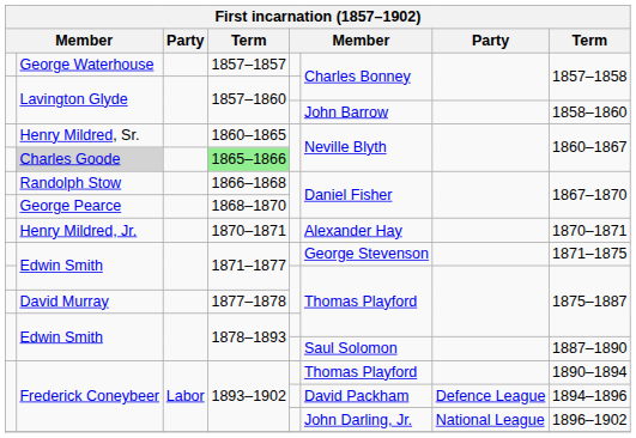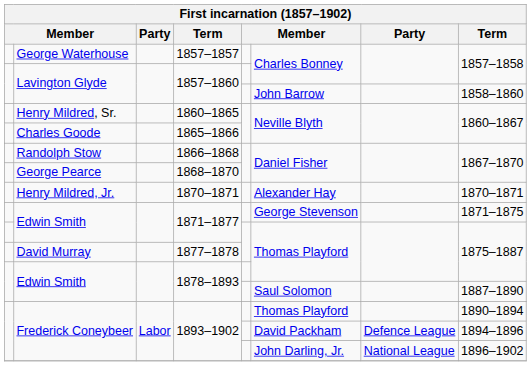 <table class="wikitable">
 <tr>
 <th colspan=8>First incarnation (1857–1902)</th>
 </tr>
 <tr>
 <th colspan=2>Member</th>
 <th>Party</th>
 <th>Term</th>
 <th colspan=2>Member</th>
 <th>Party</th>
 <th>Term</th>
 </tr>
 <tr>
 <td> </td>
 <td><a href='#'>George Waterhouse</a></td>
 <td></td>
 <td>1857–1857</td>
 <td> </td>
 <td rowspan=2><a href='#'>Charles Bonney</a></td>
 <td rowspan=2></td>
 <td rowspan=2>1857–1858</td>
 </tr>
 <tr>
 <td rowspan=2 > </td>
 <td rowspan=2><a href='#'>Lavington Glyde</a></td>
 <td rowspan=2></td>
 <td rowspan=2>1857–1860</td>
 <td> </td>
 </tr>
 <tr>
 <td> </td>
 <td><a href='#'>John Barrow</a></td>
 <td></td>
 <td>1858–1860</td>
 </tr>
 <tr>
 <td> </td>
 <td><a href='#'>Henry Mildred</a>, Sr.</td>
 <td></td>
 <td>1860–1865</td>
 <td rowspan=3 > </td>
 <td rowspan=3><a href='#'>Neville Blyth</a></td>
 <td rowspan=3></td>
 <td rowspan=3>1860–1867</td>
 </tr>
 <tr>
 <td> </td>
-<td style="background: lightgrey;"><a href='#'>Charles Goode</a></td>
+<td><a href='#'>Charles Goode</a></td>
 <td></td>
-<td style="background: lightgreen;">1865–1866</td>
+<td>1865–1866</td>
 </tr>
 <tr>
 <td rowspan=2 > </td>
 <td rowspan=2><a href='#'>Randolph Stow</a></td>
 <td rowspan=2></td>
 <td rowspan=2>1866–1868</td>
 </tr>
 <tr>
 <td rowspan=2 > </td>
 <td rowspan=2><a href='#'>Daniel Fisher</a></td>
 <td rowspan=2></td>
 <td rowspan=2>1867–1870</td>
 </tr>
 <tr>
 <td> </td>
 <td><a href='#'>George Pearce</a></td>
 <td></td>
 <td>1868–1870</td>
 </tr>
 <tr>
 <td> </td>
 <td><a href='#'>Henry Mildred, Jr.</a></td>
 <td></td>
 <td>1870–1871</td>
 <td> </td>
 <td><a href='#'>Alexander Hay</a></td>
 <td></td>
 <td>1870–1871</td>
 </tr>
 <tr>
 <td> </td>
 <td rowspan=2><a href='#'>Edwin Smith</a></td>
 <td rowspan=2></td>
 <td rowspan=2>1871–1877</td>
 <td> </td>
 <td><a href='#'>George Stevenson</a></td>
 <td></td>
 <td>1871–1875</td>
 </tr>
 <tr>
 <td> </td>
 <td rowspan=2 > </td>
 <td rowspan=3><a href='#'>Thomas Playford</a></td>
 <td rowspan=3></td>
 <td rowspan=3>1875–1887</td>
 </tr>
 <tr>
 <td> </td>
 <td><a href='#'>David Murray</a></td>
 <td></td>
 <td>1877–1878</td>
 </tr>
 <tr>
 <td rowspan=3 > </td>
 <td rowspan=3><a href='#'>Edwin Smith</a></td>
 <td rowspan=3></td>
 <td rowspan=3>1878–1893</td>
 <td> </td>
 </tr>
 <tr>
 <td> </td>
 <td><a href='#'>Saul Solomon</a></td>
 <td></td>
 <td>1887–1890</td>
 </tr>
 <tr>
 <td rowspan=2 > </td>
 <td rowspan=2><a href='#'>Thomas Playford</a></td>
 <td rowspan=2></td>
 <td rowspan=2>1890–1894</td>
 </tr>
 <tr>
 <td rowspan=3 > </td>
 <td rowspan=3><a href='#'>Frederick Coneybeer</a></td>
 <td rowspan=3><a href='#'>Labor</a></td>
 <td rowspan=3>1893–1902</td>
 </tr>
 <tr>
 <td> </td>
 <td><a href='#'>David Packham</a></td>
 <td><a href='#'>Defence League</a></td>
 <td>1894–1896</td>
 </tr>
 <tr>
 <td> </td>
 <td><a href='#'>John Darling, Jr.</a></td>
 <td><a href='#'>National League</a></td>
 <td>1896–1902</td>
 </tr>
 <tr>
 </tr>
 </table>
